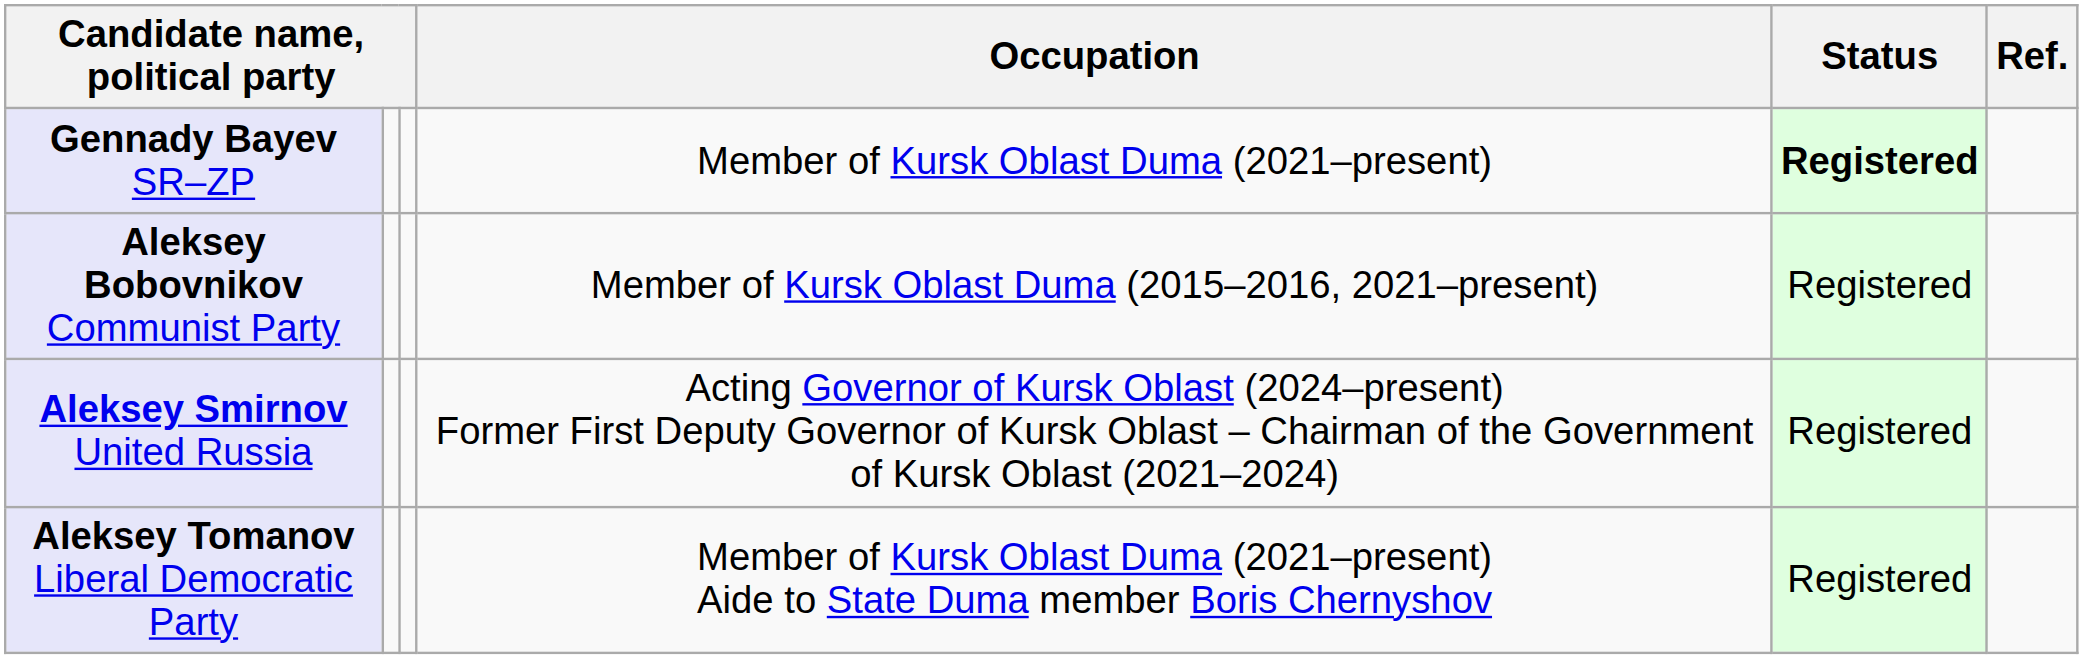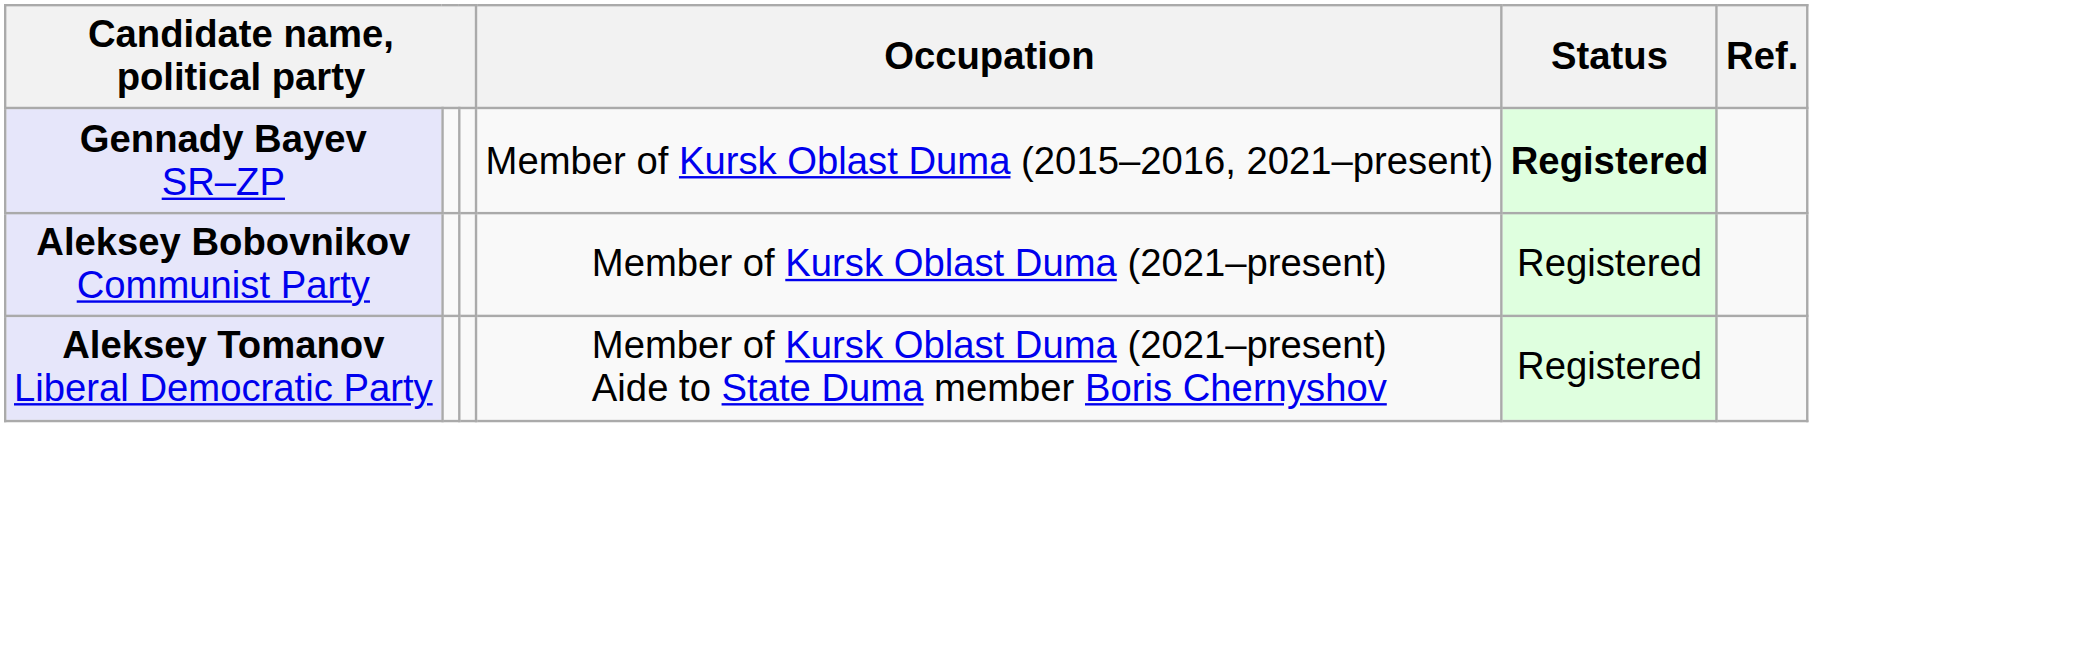 <table class="wikitable" style="text-align:center;">
 <tr>
 <th colspan="3">Candidate name,<br>political party</th>
 <th>Occupation</th>
 <th>Status</th>
 <th>Ref.</th>
 </tr>
 <tr>
 <td style="background:lavender;"><strong>Gennady Bayev</strong><br><a href='#'>SR–ZP</a></td>
 <td style="background-color:"></td>
 <td></td>
-<td>Member of <a href='#'>Kursk Oblast Duma</a> (2021–present)</td>
+<td>Member of <a href='#'>Kursk Oblast Duma</a> (2015–2016, 2021–present)</td>
 <td bgcolor="#DFFFDF"><strong>Registered</strong></td>
 <td></td>
 </tr>
 <tr>
 <td style="background:lavender;"><strong>Aleksey Bobovnikov</strong><br><a href='#'>Communist Party</a></td>
 <td style="background-color:"></td>
 <td></td>
-<td>Member of <a href='#'>Kursk Oblast Duma</a> (2015–2016, 2021–present)</td>
-<td bgcolor="#DFFFDF">Registered</td>
-<td></td>
-</tr>
-<tr>
-<td style="background:lavender;"><strong><a href='#'>Aleksey Smirnov</a></strong><br><a href='#'>United Russia</a></td>
-<td style="background-color:"></td>
-<td></td>
-<td>Acting <a href='#'>Governor of Kursk Oblast</a> (2024–present)<br>Former First Deputy Governor of Kursk Oblast – Chairman of the Government of Kursk Oblast (2021–2024)</td>
+<td>Member of <a href='#'>Kursk Oblast Duma</a> (2021–present)</td>
 <td bgcolor="#DFFFDF">Registered</td>
 <td></td>
 </tr>
 <tr>
 <td style="background:lavender;"><strong>Aleksey Tomanov</strong><br><a href='#'>Liberal Democratic Party</a></td>
 <td style="background-color:"></td>
 <td></td>
 <td>Member of <a href='#'>Kursk Oblast Duma</a> (2021–present)<br>Aide to <a href='#'>State Duma</a> member <a href='#'>Boris Chernyshov</a></td>
 <td bgcolor="#DFFFDF">Registered</td>
 <td></td>
 </tr>
 </table>
